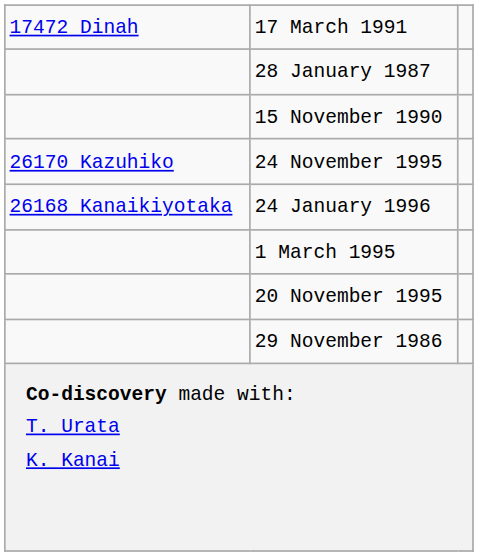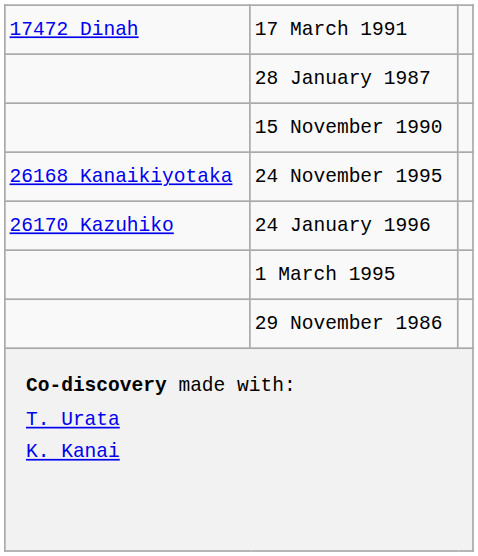 <table class="wikitable" style="font-size: 89%; float: left; width: 24em; margin-right: 1em; line-height: 1.65em !important; height: 324px;">
 <tr>
 <td><a href='#'>17472 Dinah</a></td>
 <td>17 March 1991</td>
 <td> </td>
 </tr>
 <tr>
 <td></td>
 <td>28 January 1987</td>
 <td> </td>
 </tr>
 <tr>
 <td></td>
 <td>15 November 1990</td>
 <td> </td>
 </tr>
 <tr>
-<td><a href='#'>26170 Kazuhiko</a></td>
+<td><a href='#'>26168 Kanaikiyotaka</a></td>
 <td>24 November 1995</td>
 <td></td>
 </tr>
 <tr>
-<td><a href='#'>26168 Kanaikiyotaka</a></td>
+<td><a href='#'>26170 Kazuhiko</a></td>
 <td>24 January 1996</td>
 <td></td>
 </tr>
 <tr>
 <td></td>
 <td>1 March 1995</td>
-<td> </td>
-</tr>
-<tr>
-<td></td>
-<td>20 November 1995</td>
 <td> </td>
 </tr>
 <tr>
 <td></td>
 <td>29 November 1986</td>
 <td> </td>
 </tr>
 <tr>
 <th colspan=3 style="font-weight: normal; text-align: left; padding: 4px 12px 40px 12px;"><strong>Co-discovery</strong> made with:<br> <a href='#'>T. Urata</a><br> <a href='#'>K. Kanai</a></th>
 </tr>
 </table>
